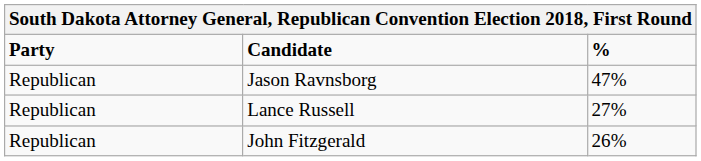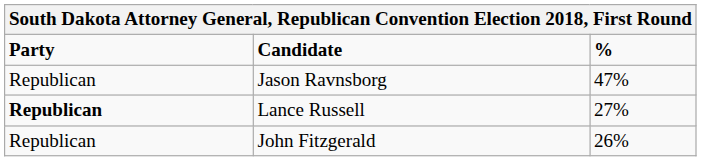 <table class="wikitable">
 <tr>
 <th colspan="5">South Dakota Attorney General, Republican Convention Election 2018, First Round</th>
 </tr>
 <tr>
 <td><strong>Party</strong></td>
 <td><strong>Candidate</strong></td>
 <td><strong>%</strong></td>
 </tr>
 <tr>
 <td>Republican</td>
 <td>Jason Ravnsborg</td>
 <td>47%</td>
 </tr>
 <tr>
-<td>Republican</td>
+<td><strong>Republican</strong></td>
 <td>Lance Russell</td>
 <td>27%</td>
 </tr>
 <tr>
 <td>Republican</td>
 <td>John Fitzgerald</td>
 <td>26%</td>
 </tr>
 </table>
